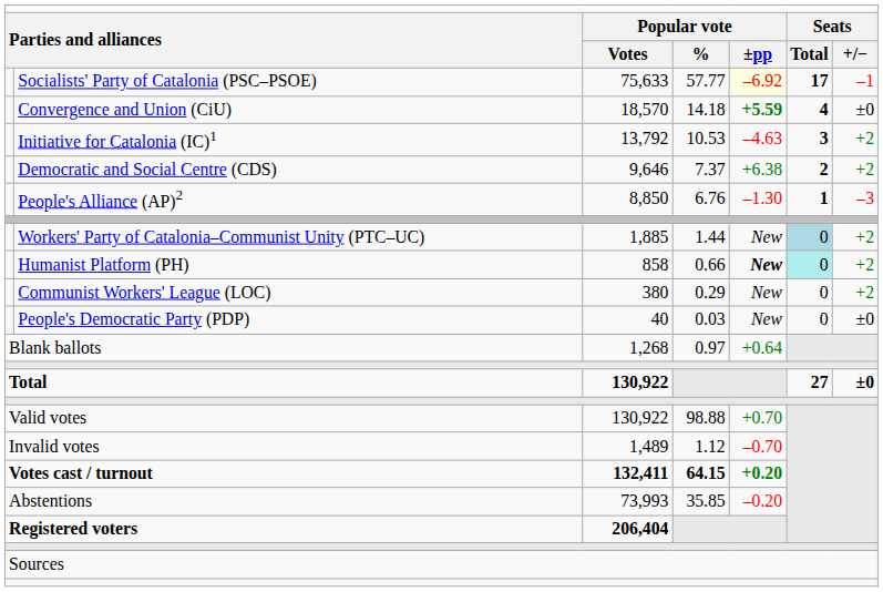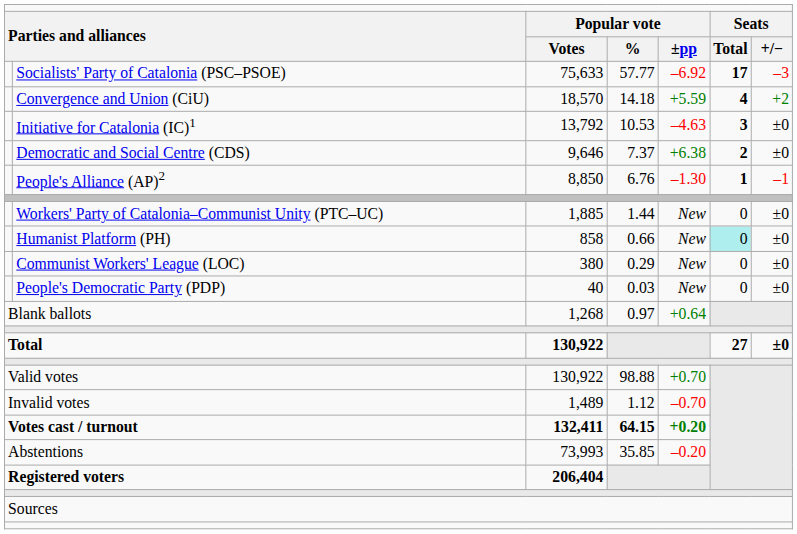 <table class="wikitable" style="text-align:right;">
 <tr>
 <td colspan="7"></td>
 </tr>
 <tr>
 <th style="text-align:left;" rowspan="2" colspan="2" width="525">Parties and alliances</th>
 <th colspan="3">Popular vote</th>
 <th colspan="2">Seats</th>
 </tr>
 <tr>
 <th width="75">Votes</th>
 <th width="45">%</th>
 <th width="45">±<a href='#'>pp</a></th>
 <th width="35">Total</th>
 <th width="35">+/−</th>
 </tr>
 <tr>
 <td width="1" style="color:inherit;background:"></td>
 <td align="left"><a href='#'>Socialists' Party of Catalonia</a> (PSC–PSOE)</td>
 <td>75,633</td>
 <td>57.77</td>
-<td style="background: lightyellow; color:red;">–6.92</td>
+<td style="color:red;">–6.92</td>
 <td><strong>17</strong></td>
-<td style="color:red;">–1</td>
+<td style="color:red;">–3</td>
 </tr>
 <tr>
 <td style="color:inherit;background:"></td>
 <td align="left"><a href='#'>Convergence and Union</a> (CiU)</td>
 <td>18,570</td>
 <td>14.18</td>
-<td style="color:green;"><strong>+5.59</strong></td>
+<td style="color:green;">+5.59</td>
 <td><strong>4</strong></td>
-<td>±0</td>
+<td style="color:green;">+2</td>
 </tr>
 <tr>
 <td style="color:inherit;background:"></td>
 <td align="left"><a href='#'>Initiative for Catalonia</a> (IC)<sup>1</sup></td>
 <td>13,792</td>
 <td>10.53</td>
 <td style="color:red;">–4.63</td>
 <td><strong>3</strong></td>
-<td style="color:green;">+2</td>
+<td>±0</td>
 </tr>
 <tr>
 <td style="color:inherit;background:"></td>
 <td align="left"><a href='#'>Democratic and Social Centre</a> (CDS)</td>
 <td>9,646</td>
 <td>7.37</td>
 <td style="color:green;">+6.38</td>
 <td><strong>2</strong></td>
-<td style="color:green;">+2</td>
+<td>±0</td>
 </tr>
 <tr>
 <td style="color:inherit;background:"></td>
 <td align="left"><a href='#'>People's Alliance</a> (AP)<sup>2</sup></td>
 <td>8,850</td>
 <td>6.76</td>
 <td style="color:red;">–1.30</td>
 <td><strong>1</strong></td>
-<td style="color:red;">–3</td>
+<td style="color:red;">–1</td>
 </tr>
 <tr>
 <td colspan="7" style="color:inherit;background:#C0C0C0"></td>
 </tr>
 <tr>
 <td style="color:inherit;background:"></td>
 <td align="left"><a href='#'>Workers' Party of Catalonia–Communist Unity</a> (PTC–UC)</td>
 <td>1,885</td>
 <td>1.44</td>
 <td><em>New</em></td>
-<td style="background: lightblue;">0</td>
-<td style="color:green;">+2</td>
+<td>0</td>
+<td>±0</td>
 </tr>
 <tr>
 <td style="color:inherit;background:"></td>
 <td align="left"><a href='#'>Humanist Platform</a> (PH)</td>
 <td>858</td>
 <td>0.66</td>
-<td><strong><em>New</em></strong></td>
+<td><em>New</em></td>
 <td style="background: paleturquoise;">0</td>
-<td style="color:green;">+2</td>
+<td>±0</td>
 </tr>
 <tr>
 <td style="color:inherit;background:"></td>
 <td align="left"><a href='#'>Communist Workers' League</a> (LOC)</td>
 <td>380</td>
 <td>0.29</td>
 <td><em>New</em></td>
 <td>0</td>
-<td style="color:green;">+2</td>
+<td>±0</td>
 </tr>
 <tr>
 <td style="color:inherit;background:"></td>
 <td align="left"><a href='#'>People's Democratic Party</a> (PDP)</td>
 <td>40</td>
 <td>0.03</td>
 <td><em>New</em></td>
 <td>0</td>
 <td>±0</td>
 </tr>
 <tr>
 <td align="left" colspan="2">Blank ballots</td>
 <td>1,268</td>
 <td>0.97</td>
 <td style="color:green;">+0.64</td>
 <td style="color:inherit;background:#E9E9E9" colspan="2"></td>
 </tr>
 <tr>
 <td colspan="7" style="color:inherit;background:#E9E9E9"></td>
 </tr>
 <tr style="font-weight:bold;">
 <td align="left" colspan="2">Total</td>
 <td>130,922</td>
 <td bgcolor="#E9E9E9" colspan="2"></td>
 <td>27</td>
 <td>±0</td>
 </tr>
 <tr>
 <td colspan="7" style="color:inherit;background:#E9E9E9"></td>
 </tr>
 <tr>
 <td align="left" colspan="2">Valid votes</td>
 <td>130,922</td>
 <td>98.88</td>
 <td style="color:green;">+0.70</td>
 <td bgcolor="#E9E9E9" colspan="2" rowspan="5"></td>
 </tr>
 <tr>
 <td align="left" colspan="2">Invalid votes</td>
 <td>1,489</td>
 <td>1.12</td>
 <td style="color:red;">–0.70</td>
 </tr>
 <tr style="font-weight:bold;">
 <td align="left" colspan="2">Votes cast / turnout</td>
 <td>132,411</td>
 <td>64.15</td>
 <td style="color:green;">+0.20</td>
 </tr>
 <tr>
 <td align="left" colspan="2">Abstentions</td>
 <td>73,993</td>
 <td>35.85</td>
 <td style="color:red;">–0.20</td>
 </tr>
 <tr style="font-weight:bold;">
 <td align="left" colspan="2">Registered voters</td>
 <td>206,404</td>
 <td bgcolor="#E9E9E9" colspan="2"></td>
 </tr>
 <tr>
 <td colspan="7" style="color:inherit;background:#E9E9E9"></td>
 </tr>
 <tr>
 <td align="left" colspan="7">Sources</td>
 </tr>
 <tr>
 <td colspan="7" style="text-align:left; max-width:790px;"></td>
 </tr>
 </table>
